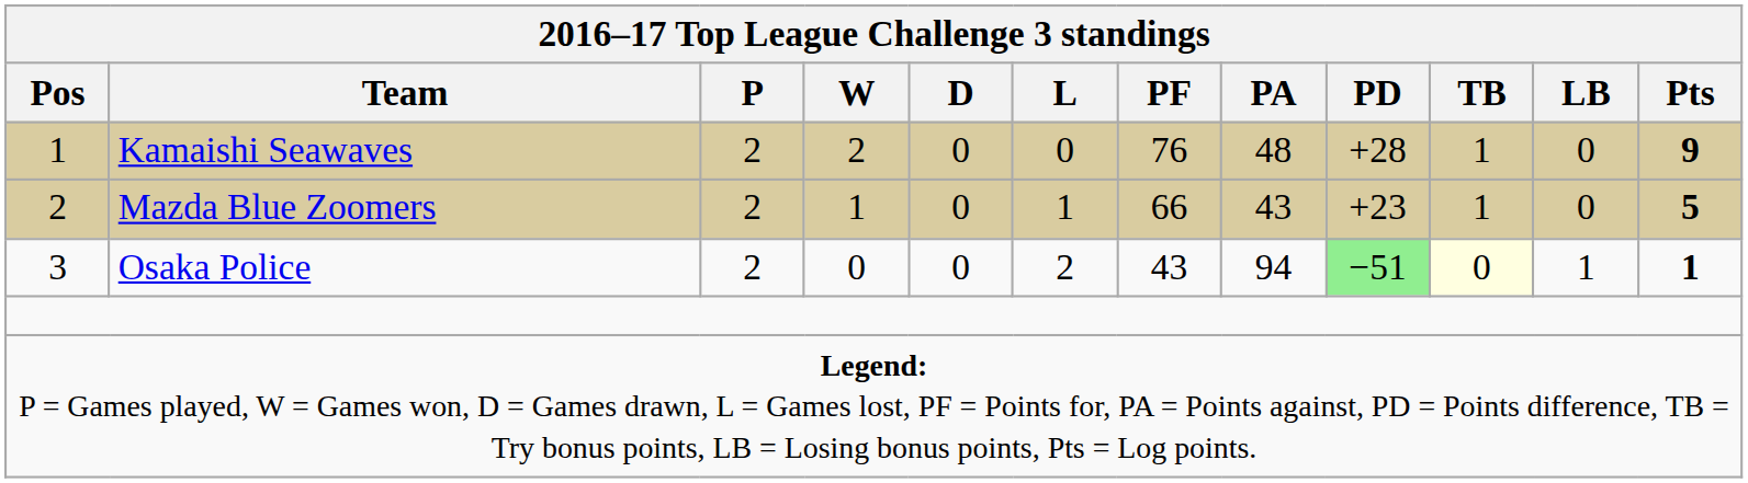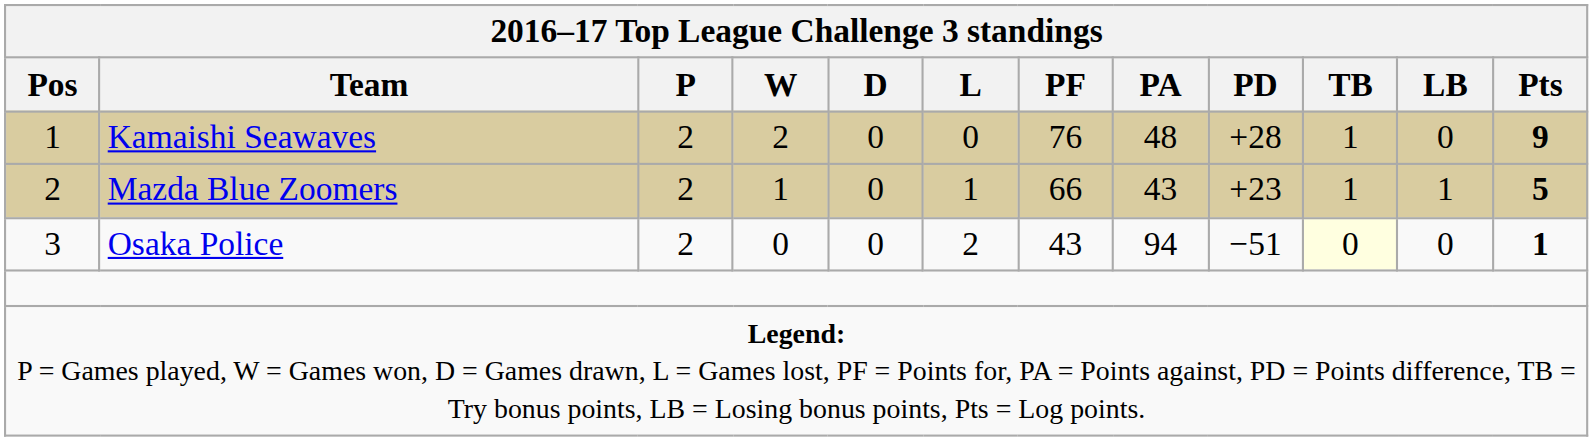 <table class="wikitable" style="text-align:center; font-size:100%; width:60%;">
 <tr>
 <th colspan="100%" cellpadding="0" cellspacing="0"><strong>2016–17 Top League Challenge 3 standings</strong></th>
 </tr>
 <tr>
 <th style="width:6%;">Pos</th>
 <th style="width:34%;">Team</th>
 <th style="width:6%;">P</th>
 <th style="width:6%;">W</th>
 <th style="width:6%;">D</th>
 <th style="width:6%;">L</th>
 <th style="width:6%;">PF</th>
 <th style="width:6%;">PA</th>
 <th style="width:6%;">PD</th>
 <th style="width:6%;">TB</th>
 <th style="width:6%;">LB</th>
 <th style="width:6%;">Pts<br></th>
 </tr>
 <tr style="background:#D9CCA0;">
 <td>1</td>
 <td style="text-align:left;"><a href='#'>Kamaishi Seawaves</a></td>
 <td>2</td>
 <td>2</td>
 <td>0</td>
 <td>0</td>
 <td>76</td>
 <td>48</td>
 <td>+28</td>
 <td>1</td>
 <td>0</td>
 <td><strong>9</strong></td>
 </tr>
 <tr style="background:#D9CCA0;">
 <td>2</td>
 <td style="text-align:left;"><a href='#'>Mazda Blue Zoomers</a></td>
 <td>2</td>
 <td>1</td>
 <td>0</td>
 <td>1</td>
 <td>66</td>
 <td>43</td>
 <td>+23</td>
 <td>1</td>
-<td>0</td>
+<td>1</td>
 <td><strong>5</strong></td>
 </tr>
 <tr>
 <td>3</td>
 <td style="text-align:left;"><a href='#'>Osaka Police</a></td>
 <td>2</td>
 <td>0</td>
 <td>0</td>
 <td>2</td>
 <td>43</td>
 <td>94</td>
-<td style="background: lightgreen;">−51</td>
+<td>−51</td>
 <td style="background: lightyellow;">0</td>
-<td>1</td>
+<td>0</td>
 <td><strong>1</strong></td>
 </tr>
 <tr>
 <td colspan="100%" style="height:10px;"></td>
 </tr>
 <tr>
 <td colspan="100%"><small><strong>Legend:</strong> <br> P = Games played, W = Games won, D = Games drawn, L = Games lost, PF = Points for, PA = Points against, PD = Points difference, TB = Try bonus points, LB = Losing bonus points, Pts = Log points.</small></td>
 </tr>
 </table>
